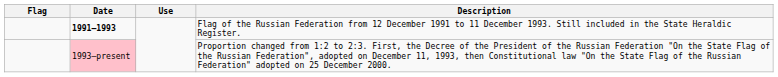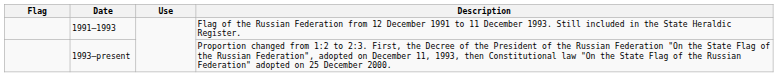 <table class="wikitable">
 <tr>
 <th width="100">Flag</th>
 <th width="100">Date</th>
 <th width="90">Use</th>
 <th width="925">Description</th>
 </tr>
 <tr>
 <td></td>
-<td><strong>1991–1993</strong></td>
+<td>1991–1993</td>
 <td rowspan="2"></td>
 <td>Flag of the Russian Federation from 12 December 1991 to 11 December 1993. Still included in the State Heraldic Register.</td>
 </tr>
 <tr>
 <td></td>
-<td style="background: pink;">1993–present</td>
+<td>1993–present</td>
 <td>Proportion changed from 1:2 to 2:3. First, the Decree of the President of the Russian Federation "On the State Flag of the Russian Federation", adopted on December 11, 1993, then Constitutional law "On the State Flag of the Russian Federation" adopted on 25 December 2000.</td>
 </tr>
 </table>
